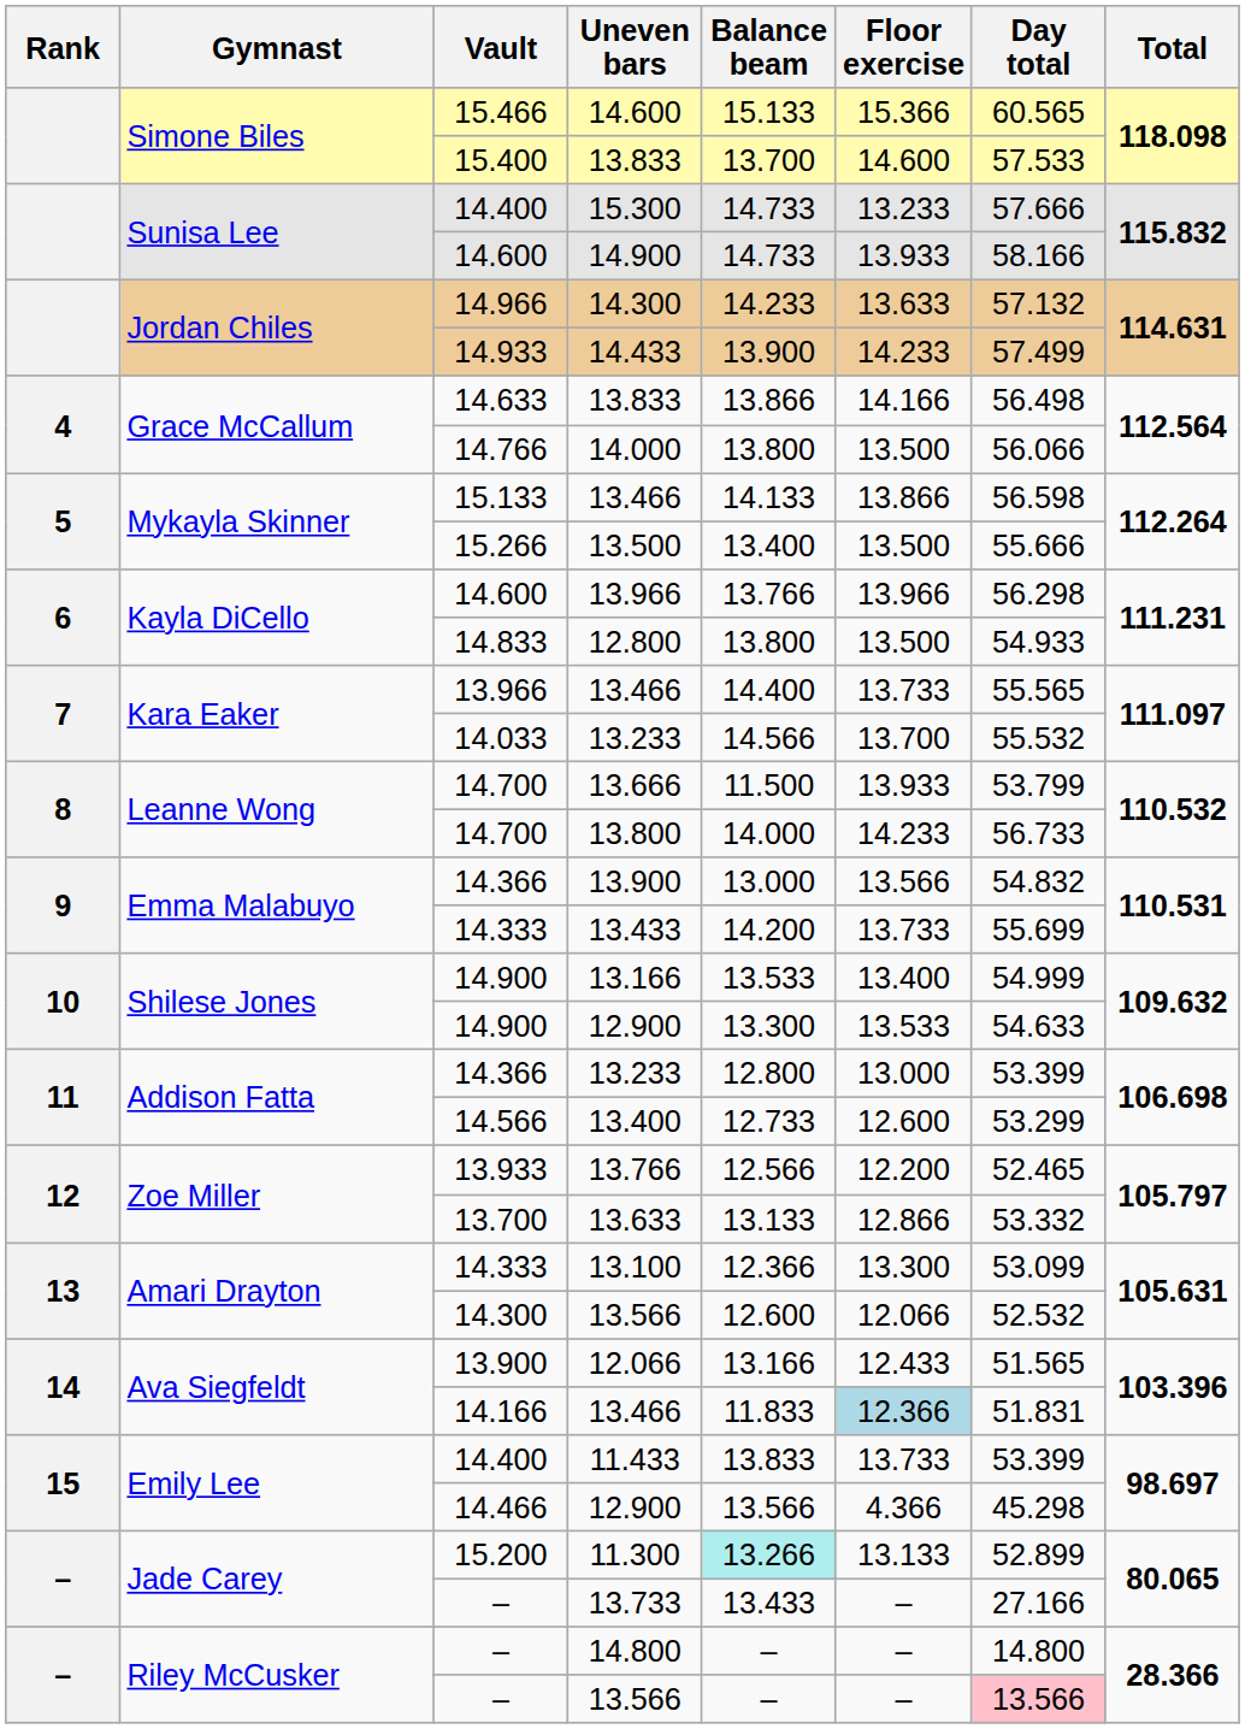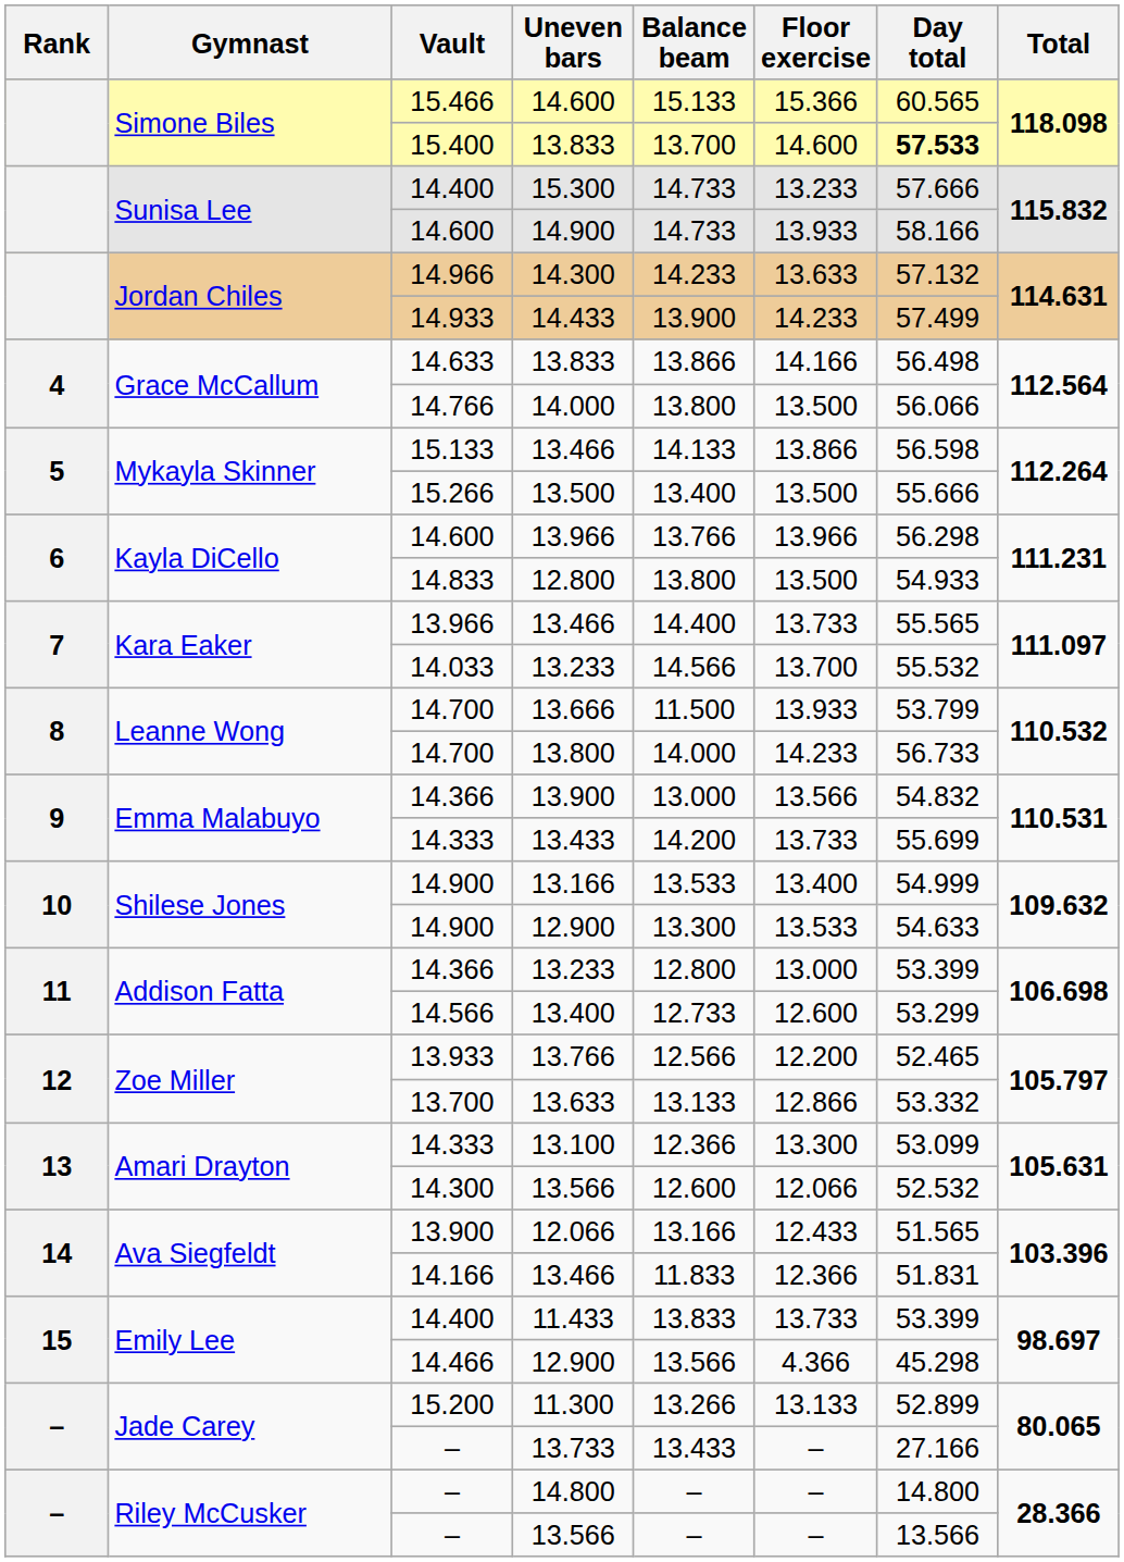 <table class="wikitable sortable" style="text-align:center; font-size:95%">
 <tr>
 <th scope="col" style="width:50px;">Rank</th>
 <th scope="col" style="width:150px;">Gymnast</th>
 <th scope="col" style="width:60px;"> Vault</th>
 <th scope="col" style="width:60px;"> Uneven bars</th>
 <th scope="col" style="width:60px;"> Balance beam</th>
 <th scope="col" style="width:60px;"> Floor exercise</th>
 <th scope="col" style="width:60px;">Day total</th>
 <th scope="col" style="width:60px;">Total</th>
 </tr>
 <tr style="background:#fffcaf;">
 <th rowspan="2" scope=row style="text-align:center"></th>
 <td rowspan="2" align=left><a href='#'>Simone Biles</a></td>
 <td>15.466</td>
 <td>14.600</td>
 <td>15.133</td>
 <td>15.366</td>
 <td>60.565</td>
 <td rowspan="2"><strong>118.098</strong></td>
 </tr>
 <tr style="background:#fffcaf;">
 <td>15.400</td>
 <td>13.833</td>
 <td>13.700</td>
 <td>14.600</td>
-<td>57.533</td>
+<td><strong>57.533</strong></td>
 </tr>
 <tr style="background:#e5e5e5;">
 <th rowspan="2" scope=row style="text-align:center"></th>
 <td rowspan="2" align=left><a href='#'>Sunisa Lee</a></td>
 <td>14.400</td>
 <td>15.300</td>
 <td>14.733</td>
 <td>13.233</td>
 <td>57.666</td>
 <td rowspan="2"><strong>115.832</strong></td>
 </tr>
 <tr style="background:#e5e5e5;">
 <td>14.600</td>
 <td>14.900</td>
 <td>14.733</td>
 <td>13.933</td>
 <td>58.166</td>
 </tr>
 <tr style="background:#ec9;">
 <th rowspan="2" scope=row style="text-align:center"></th>
 <td rowspan="2" align=left><a href='#'>Jordan Chiles</a></td>
 <td>14.966</td>
 <td>14.300</td>
 <td>14.233</td>
 <td>13.633</td>
 <td>57.132</td>
 <td rowspan="2"><strong>114.631</strong></td>
 </tr>
 <tr style="background:#ec9;">
 <td>14.933</td>
 <td>14.433</td>
 <td>13.900</td>
 <td>14.233</td>
 <td>57.499</td>
 </tr>
 <tr>
 <th rowspan="2" scope=row style="text-align:center">4</th>
 <td rowspan="2" align=left><a href='#'>Grace McCallum</a></td>
 <td>14.633</td>
 <td>13.833</td>
 <td>13.866</td>
 <td>14.166</td>
 <td>56.498</td>
 <td rowspan="2"><strong>112.564</strong></td>
 </tr>
 <tr>
 <td>14.766</td>
 <td>14.000</td>
 <td>13.800</td>
 <td>13.500</td>
 <td>56.066</td>
 </tr>
 <tr>
 <th rowspan="2" scope="row" style="text-align:center">5</th>
 <td rowspan="2" align="left"><a href='#'>Mykayla Skinner</a></td>
 <td>15.133</td>
 <td>13.466</td>
 <td>14.133</td>
 <td>13.866</td>
 <td>56.598</td>
 <td rowspan="2"><strong>112.264</strong></td>
 </tr>
 <tr>
 <td>15.266</td>
 <td>13.500</td>
 <td>13.400</td>
 <td>13.500</td>
 <td>55.666</td>
 </tr>
 <tr>
 <th rowspan="2" scope=row style="text-align:center">6</th>
 <td rowspan="2" align=left><a href='#'>Kayla DiCello</a></td>
 <td>14.600</td>
 <td>13.966</td>
 <td>13.766</td>
 <td>13.966</td>
 <td>56.298</td>
 <td rowspan="2"><strong>111.231</strong></td>
 </tr>
 <tr>
 <td>14.833</td>
 <td>12.800</td>
 <td>13.800</td>
 <td>13.500</td>
 <td>54.933</td>
 </tr>
 <tr>
 <th rowspan="2" scope=row style="text-align:center">7</th>
 <td rowspan="2" align=left><a href='#'>Kara Eaker</a></td>
 <td>13.966</td>
 <td>13.466</td>
 <td>14.400</td>
 <td>13.733</td>
 <td>55.565</td>
 <td rowspan="2"><strong>111.097</strong></td>
 </tr>
 <tr>
 <td>14.033</td>
 <td>13.233</td>
 <td>14.566</td>
 <td>13.700</td>
 <td>55.532</td>
 </tr>
 <tr>
 <th rowspan="2" scope=row style="text-align:center">8</th>
 <td rowspan="2" align=left><a href='#'>Leanne Wong</a></td>
 <td>14.700</td>
 <td>13.666</td>
 <td>11.500</td>
 <td>13.933</td>
 <td>53.799</td>
 <td rowspan="2"><strong>110.532</strong></td>
 </tr>
 <tr>
 <td>14.700</td>
 <td>13.800</td>
 <td>14.000</td>
 <td>14.233</td>
 <td>56.733</td>
 </tr>
 <tr>
 <th rowspan="2" scope=row style="text-align:center">9</th>
 <td rowspan="2" align=left><a href='#'>Emma Malabuyo</a></td>
 <td>14.366</td>
 <td>13.900</td>
 <td>13.000</td>
 <td>13.566</td>
 <td>54.832</td>
 <td rowspan="2"><strong>110.531</strong></td>
 </tr>
 <tr>
 <td>14.333</td>
 <td>13.433</td>
 <td>14.200</td>
 <td>13.733</td>
 <td>55.699</td>
 </tr>
 <tr>
 <th rowspan="2" scope=row style="text-align:center">10</th>
 <td rowspan="2" align=left><a href='#'>Shilese Jones</a></td>
 <td>14.900</td>
 <td>13.166</td>
 <td>13.533</td>
 <td>13.400</td>
 <td>54.999</td>
 <td rowspan="2"><strong>109.632</strong></td>
 </tr>
 <tr>
 <td>14.900</td>
 <td>12.900</td>
 <td>13.300</td>
 <td>13.533</td>
 <td>54.633</td>
 </tr>
 <tr>
 <th rowspan="2" scope=row style="text-align:center">11</th>
 <td rowspan="2" align=left><a href='#'>Addison Fatta</a></td>
 <td>14.366</td>
 <td>13.233</td>
 <td>12.800</td>
 <td>13.000</td>
 <td>53.399</td>
 <td rowspan="2"><strong>106.698</strong></td>
 </tr>
 <tr>
 <td>14.566</td>
 <td>13.400</td>
 <td>12.733</td>
 <td>12.600</td>
 <td>53.299</td>
 </tr>
 <tr>
 <th rowspan="2" scope=row style="text-align:center">12</th>
 <td rowspan="2" align=left><a href='#'>Zoe Miller</a></td>
 <td>13.933</td>
 <td>13.766</td>
 <td>12.566</td>
 <td>12.200</td>
 <td>52.465</td>
 <td rowspan="2"><strong>105.797</strong></td>
 </tr>
 <tr>
 <td>13.700</td>
 <td>13.633</td>
 <td>13.133</td>
 <td>12.866</td>
 <td>53.332</td>
 </tr>
 <tr>
 <th rowspan="2" scope=row style="text-align:center">13</th>
 <td rowspan="2" align=left><a href='#'>Amari Drayton</a></td>
 <td>14.333</td>
 <td>13.100</td>
 <td>12.366</td>
 <td>13.300</td>
 <td>53.099</td>
 <td rowspan="2"><strong>105.631</strong></td>
 </tr>
 <tr>
 <td>14.300</td>
 <td>13.566</td>
 <td>12.600</td>
 <td>12.066</td>
 <td>52.532</td>
 </tr>
 <tr>
 <th rowspan="2" scope=row style="text-align:center">14</th>
 <td rowspan="2" align=left><a href='#'>Ava Siegfeldt</a></td>
 <td>13.900</td>
 <td>12.066</td>
 <td>13.166</td>
 <td>12.433</td>
 <td>51.565</td>
 <td rowspan="2"><strong>103.396</strong></td>
 </tr>
 <tr>
 <td>14.166</td>
 <td>13.466</td>
 <td>11.833</td>
-<td style="background: lightblue;">12.366</td>
+<td>12.366</td>
 <td>51.831</td>
 </tr>
 <tr>
 <th rowspan="2" scope=row style="text-align:center">15</th>
 <td rowspan="2" align=left><a href='#'>Emily Lee</a></td>
 <td>14.400</td>
 <td>11.433</td>
 <td>13.833</td>
 <td>13.733</td>
 <td>53.399</td>
 <td rowspan="2"><strong>98.697</strong></td>
 </tr>
 <tr>
 <td>14.466</td>
 <td>12.900</td>
 <td>13.566</td>
 <td>4.366</td>
 <td>45.298</td>
 </tr>
 <tr>
 <th rowspan="2" scope=row style="text-align:center">–</th>
 <td rowspan="2" align=left><a href='#'>Jade Carey</a></td>
 <td>15.200</td>
 <td>11.300</td>
-<td style="background: paleturquoise;">13.266</td>
+<td>13.266</td>
 <td>13.133</td>
 <td>52.899</td>
 <td rowspan="2"><strong>80.065</strong></td>
 </tr>
 <tr>
 <td>–</td>
 <td>13.733</td>
 <td>13.433</td>
 <td>–</td>
 <td>27.166</td>
 </tr>
 <tr>
 <th rowspan="2" scope=row style="text-align:center">–</th>
 <td rowspan="2" align=left><a href='#'>Riley McCusker</a></td>
 <td>–</td>
 <td>14.800</td>
 <td>–</td>
 <td>–</td>
 <td>14.800</td>
 <td rowspan="2"><strong>28.366</strong></td>
 </tr>
 <tr>
 <td>–</td>
 <td>13.566</td>
 <td>–</td>
 <td>–</td>
-<td style="background: pink;">13.566</td>
+<td>13.566</td>
 </tr>
 </table>
